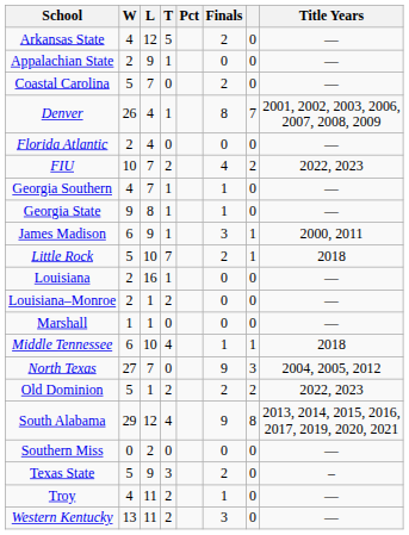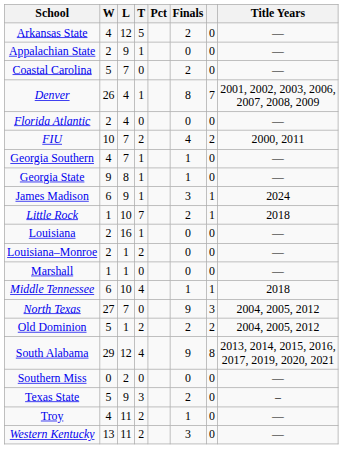 <table class="wikitable sortable" style="text-align:center">
 <tr>
 <th>School</th>
 <th>W</th>
 <th>L</th>
 <th>T</th>
 <th>Pct</th>
 <th>Finals</th>
 <th></th>
 <th>Title Years</th>
 </tr>
 <tr>
 <td><a href='#'>Arkansas State</a></td>
 <td>4</td>
 <td>12</td>
 <td>5</td>
 <td></td>
 <td>2</td>
 <td>0</td>
 <td>—</td>
 </tr>
 <tr>
 <td><a href='#'>Appalachian State</a></td>
 <td>2</td>
 <td>9</td>
 <td>1</td>
 <td></td>
 <td>0</td>
 <td>0</td>
 <td>—</td>
 </tr>
 <tr>
 <td><a href='#'>Coastal Carolina</a></td>
 <td>5</td>
 <td>7</td>
 <td>0</td>
 <td></td>
 <td>2</td>
 <td>0</td>
 <td>—</td>
 </tr>
 <tr>
 <td><em><a href='#'>Denver</a></em></td>
 <td>26</td>
 <td>4</td>
 <td>1</td>
 <td></td>
 <td>8</td>
 <td>7</td>
 <td>2001, 2002, 2003, 2006,<br>2007, 2008, 2009</td>
 </tr>
 <tr>
 <td><em><a href='#'>Florida Atlantic</a></em></td>
 <td>2</td>
 <td>4</td>
 <td>0</td>
 <td></td>
 <td>0</td>
 <td>0</td>
 <td>—</td>
 </tr>
 <tr>
 <td><em><a href='#'>FIU</a></em></td>
 <td>10</td>
 <td>7</td>
 <td>2</td>
 <td></td>
 <td>4</td>
 <td>2</td>
-<td>2022, 2023</td>
+<td>2000, 2011</td>
 </tr>
 <tr>
 <td><a href='#'>Georgia Southern</a></td>
 <td>4</td>
 <td>7</td>
 <td>1</td>
 <td></td>
 <td>1</td>
 <td>0</td>
 <td>—</td>
 </tr>
 <tr>
 <td><a href='#'>Georgia State</a></td>
 <td>9</td>
 <td>8</td>
 <td>1</td>
 <td></td>
 <td>1</td>
 <td>0</td>
 <td>—</td>
 </tr>
 <tr>
 <td><a href='#'>James Madison</a></td>
 <td>6</td>
 <td>9</td>
 <td>1</td>
 <td></td>
 <td>3</td>
 <td>1</td>
-<td>2000, 2011</td>
+<td>2024</td>
 </tr>
 <tr>
 <td><em><a href='#'>Little Rock</a></em></td>
-<td>5</td>
+<td>1</td>
 <td>10</td>
 <td>7</td>
 <td></td>
 <td>2</td>
 <td>1</td>
 <td>2018</td>
 </tr>
 <tr>
 <td><a href='#'>Louisiana</a></td>
 <td>2</td>
 <td>16</td>
 <td>1</td>
 <td></td>
 <td>0</td>
 <td>0</td>
 <td>—</td>
 </tr>
 <tr>
 <td><a href='#'>Louisiana–Monroe</a></td>
 <td>2</td>
 <td>1</td>
 <td>2</td>
 <td></td>
 <td>0</td>
 <td>0</td>
 <td>—</td>
 </tr>
 <tr>
 <td><a href='#'>Marshall</a></td>
 <td>1</td>
 <td>1</td>
 <td>0</td>
 <td></td>
 <td>0</td>
 <td>0</td>
 <td>—</td>
 </tr>
 <tr>
 <td><em><a href='#'>Middle Tennessee</a></em></td>
 <td>6</td>
 <td>10</td>
 <td>4</td>
 <td></td>
 <td>1</td>
 <td>1</td>
 <td>2018</td>
 </tr>
 <tr>
 <td><em><a href='#'>North Texas</a></em></td>
 <td>27</td>
 <td>7</td>
 <td>0</td>
 <td></td>
 <td>9</td>
 <td>3</td>
 <td>2004, 2005, 2012</td>
 </tr>
 <tr>
 <td><a href='#'>Old Dominion</a></td>
 <td>5</td>
 <td>1</td>
 <td>2</td>
 <td></td>
 <td>2</td>
 <td>2</td>
-<td>2022, 2023</td>
+<td>2004, 2005, 2012</td>
 </tr>
 <tr>
 <td><a href='#'>South Alabama</a></td>
 <td>29</td>
 <td>12</td>
 <td>4</td>
 <td></td>
 <td>9</td>
 <td>8</td>
 <td>2013, 2014, 2015, 2016,<br>2017, 2019, 2020, 2021</td>
 </tr>
 <tr>
 <td><a href='#'>Southern Miss</a></td>
 <td>0</td>
 <td>2</td>
 <td>0</td>
 <td></td>
 <td>0</td>
 <td>0</td>
 <td>—</td>
 </tr>
 <tr>
 <td><a href='#'>Texas State</a></td>
 <td>5</td>
 <td>9</td>
 <td>3</td>
 <td></td>
 <td>2</td>
 <td>0</td>
 <td>–</td>
 </tr>
 <tr>
 <td><a href='#'>Troy</a></td>
 <td>4</td>
 <td>11</td>
 <td>2</td>
 <td></td>
 <td>1</td>
 <td>0</td>
 <td>—</td>
 </tr>
 <tr>
 <td><em><a href='#'>Western Kentucky</a></em></td>
 <td>13</td>
 <td>11</td>
 <td>2</td>
 <td></td>
 <td>3</td>
 <td>0</td>
 <td>—</td>
 </tr>
 </table>
